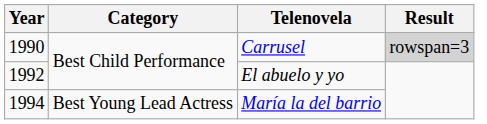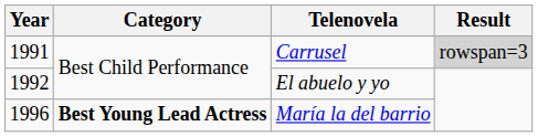 <table class="wikitable">
 <tr>
 <th>Year</th>
 <th>Category</th>
 <th>Telenovela</th>
 <th>Result</th>
 </tr>
 <tr>
-<td>1990</td>
+<td>1991</td>
 <td rowspan=2>Best Child Performance</td>
 <td><em><a href='#'>Carrusel</a></em></td>
 <td style="background: lightgrey;">rowspan=3 </td>
 </tr>
 <tr>
 <td>1992</td>
 <td><em>El abuelo y yo</em></td>
 </tr>
 <tr>
-<td>1994</td>
-<td>Best Young Lead Actress</td>
+<td>1996</td>
+<td><strong>Best Young Lead Actress</strong></td>
 <td><em><a href='#'>María la del barrio</a></em></td>
 </tr>
 </table>
